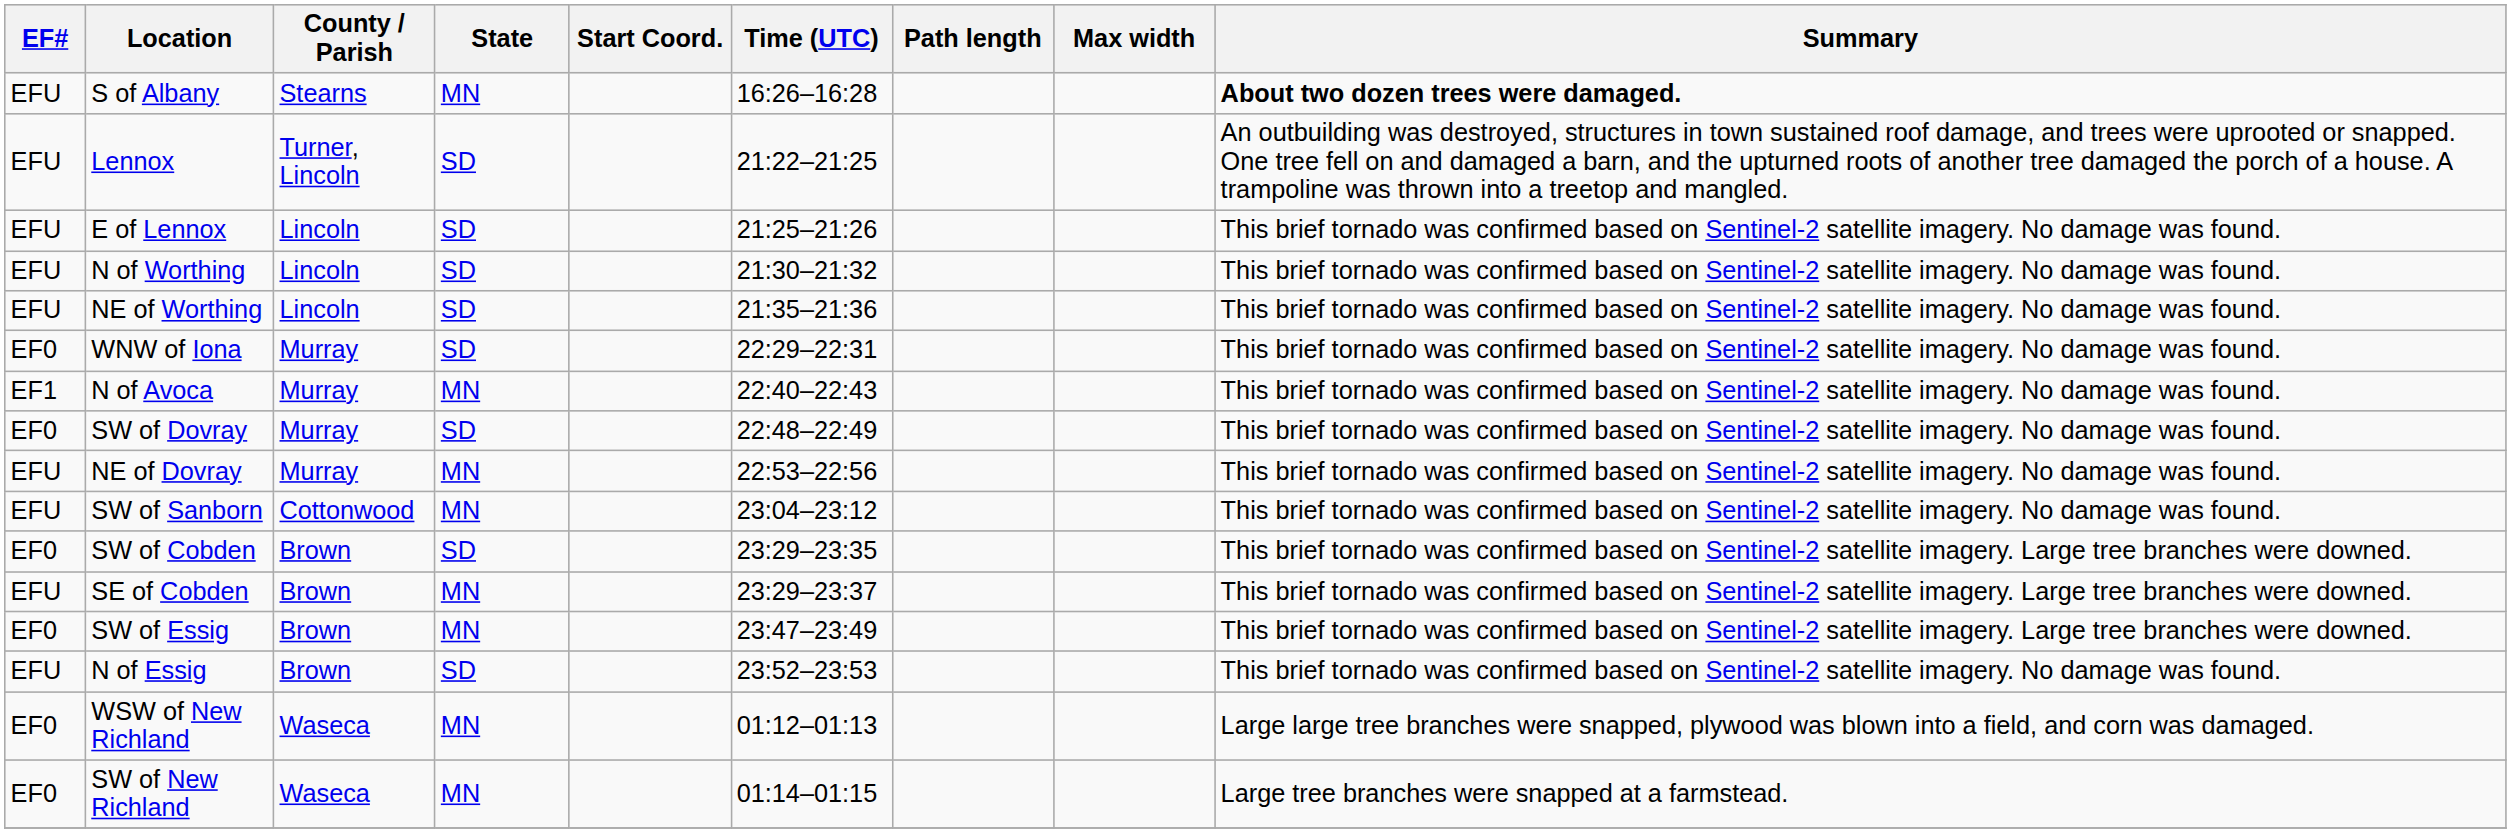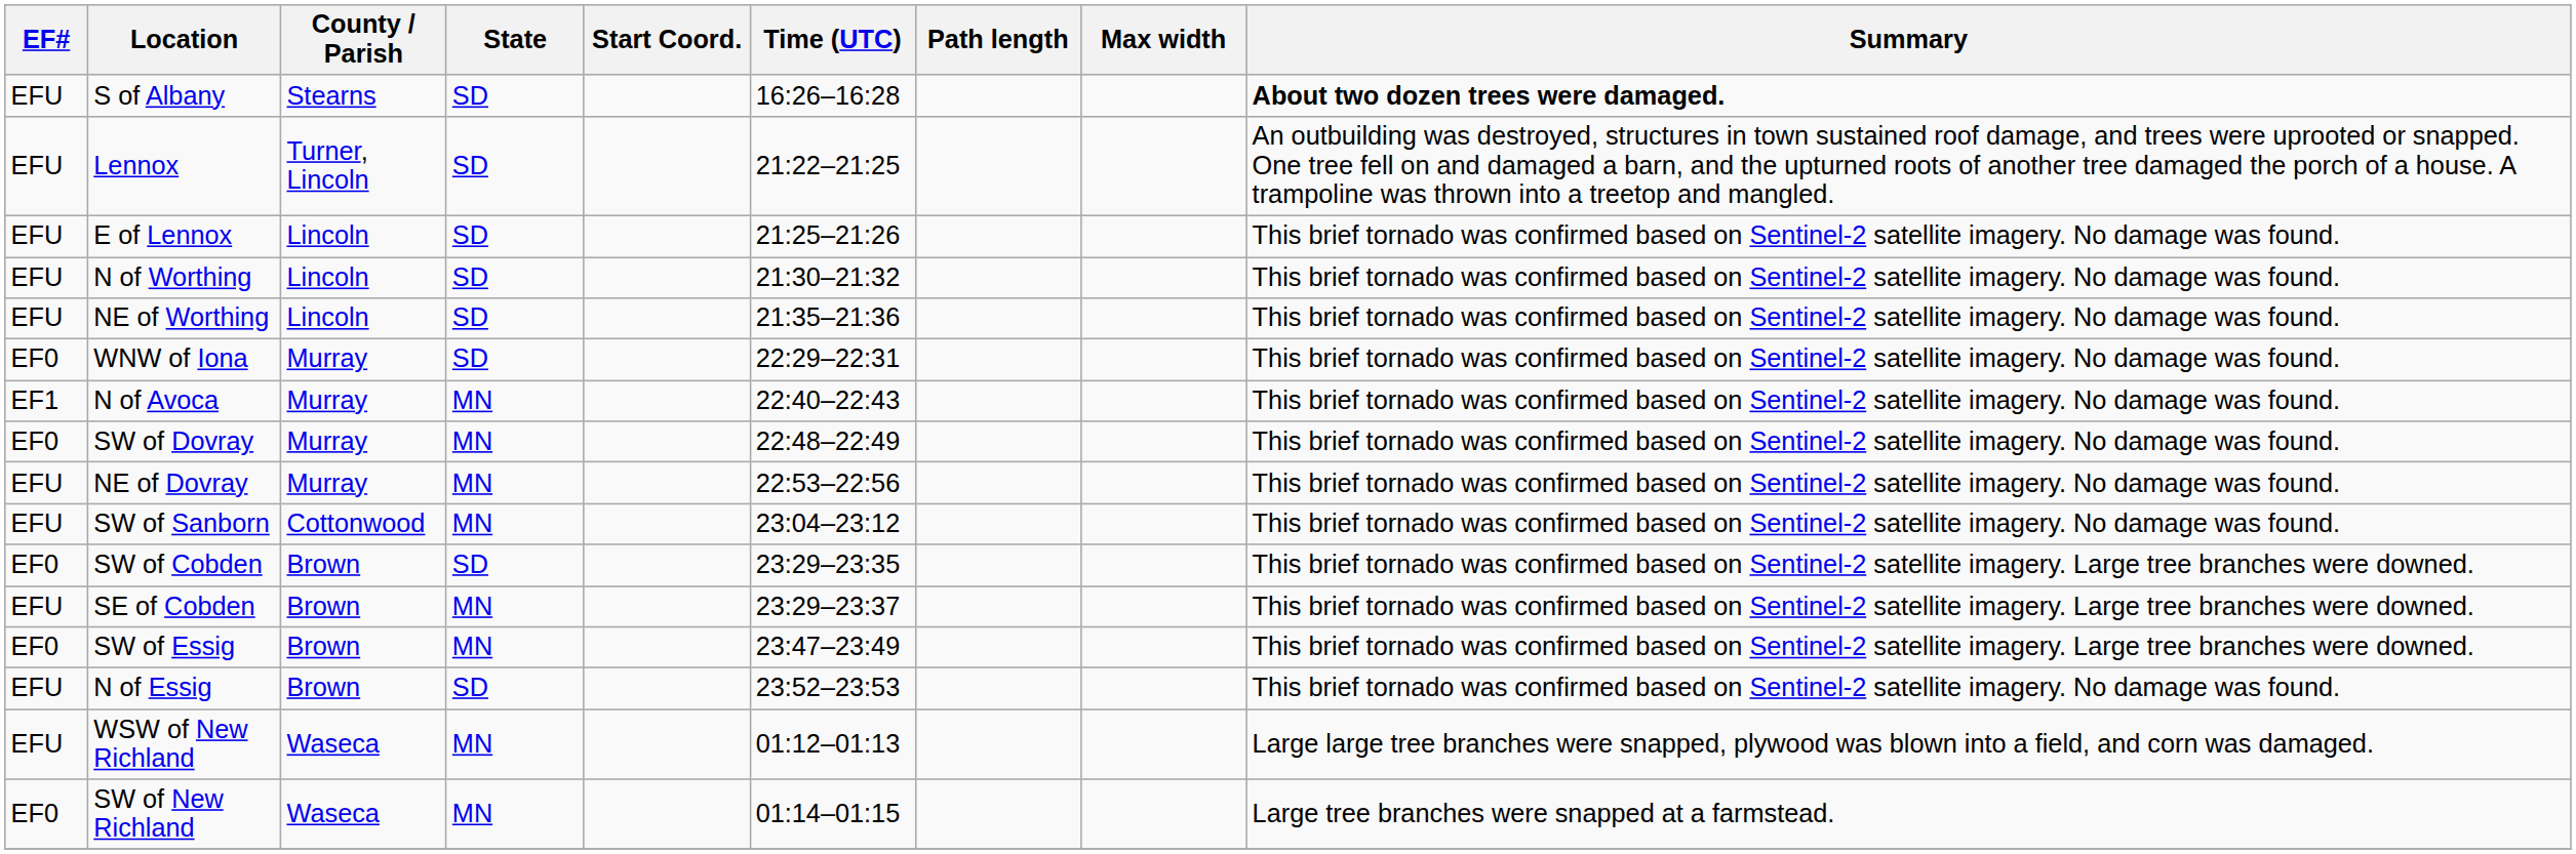 <table class="wikitable sortable" style="width:100%;">
 <tr>
 <th scope="col"  style="width:3%; text-align:center;"><a href='#'>EF#</a></th>
 <th scope="col"  style="width:7%; text-align:center;" class="unsortable">Location</th>
 <th scope="col"  style="width:6%; text-align:center;" class="unsortable">County / Parish</th>
 <th scope="col"  style="width:5%; text-align:center;">State</th>
 <th scope="col"  style="width:6%; text-align:center;">Start Coord.</th>
 <th scope="col"  style="width:6%; text-align:center;">Time (<a href='#'>UTC</a>)</th>
 <th scope="col"  style="width:6%; text-align:center;">Path length</th>
 <th scope="col"  style="width:6%; text-align:center;">Max width</th>
 <th scope="col" class="unsortable" style="width:48%; text-align:center;">Summary</th>
 </tr>
 <tr>
 <td>EFU</td>
 <td>S of <a href='#'>Albany</a></td>
 <td><a href='#'>Stearns</a></td>
-<td><a href='#'>MN</a></td>
+<td><a href='#'>SD</a></td>
 <td></td>
 <td>16:26–16:28</td>
 <td></td>
 <td></td>
 <td><strong>About two dozen trees were damaged.</strong></td>
 </tr>
 <tr>
 <td>EFU</td>
 <td><a href='#'>Lennox</a></td>
 <td><a href='#'>Turner</a>, <a href='#'>Lincoln</a></td>
 <td><a href='#'>SD</a></td>
 <td></td>
 <td>21:22–21:25</td>
 <td></td>
 <td></td>
 <td>An outbuilding was destroyed, structures in town sustained roof damage, and trees were uprooted or snapped. One tree fell on and damaged a barn, and the upturned roots of another tree damaged the porch of a house. A trampoline was thrown into a treetop and mangled.</td>
 </tr>
 <tr>
 <td>EFU</td>
 <td>E of <a href='#'>Lennox</a></td>
 <td><a href='#'>Lincoln</a></td>
 <td><a href='#'>SD</a></td>
 <td></td>
 <td>21:25–21:26</td>
 <td></td>
 <td></td>
 <td>This brief tornado was confirmed based on <a href='#'>Sentinel-2</a> satellite imagery. No damage was found.</td>
 </tr>
 <tr>
 <td>EFU</td>
 <td>N of <a href='#'>Worthing</a></td>
 <td><a href='#'>Lincoln</a></td>
 <td><a href='#'>SD</a></td>
 <td></td>
 <td>21:30–21:32</td>
 <td></td>
 <td></td>
 <td>This brief tornado was confirmed based on <a href='#'>Sentinel-2</a> satellite imagery. No damage was found.</td>
 </tr>
 <tr>
 <td>EFU</td>
 <td>NE of <a href='#'>Worthing</a></td>
 <td><a href='#'>Lincoln</a></td>
 <td><a href='#'>SD</a></td>
 <td></td>
 <td>21:35–21:36</td>
 <td></td>
 <td></td>
 <td>This brief tornado was confirmed based on <a href='#'>Sentinel-2</a> satellite imagery. No damage was found.</td>
 </tr>
 <tr>
 <td>EF0</td>
 <td>WNW of <a href='#'>Iona</a></td>
 <td><a href='#'>Murray</a></td>
 <td><a href='#'>SD</a></td>
 <td></td>
 <td>22:29–22:31</td>
 <td></td>
 <td></td>
 <td>This brief tornado was confirmed based on <a href='#'>Sentinel-2</a> satellite imagery. No damage was found.</td>
 </tr>
 <tr>
 <td>EF1</td>
 <td>N of <a href='#'>Avoca</a></td>
 <td><a href='#'>Murray</a></td>
 <td><a href='#'>MN</a></td>
 <td></td>
 <td>22:40–22:43</td>
 <td></td>
 <td></td>
 <td>This brief tornado was confirmed based on <a href='#'>Sentinel-2</a> satellite imagery. No damage was found.</td>
 </tr>
 <tr>
 <td>EF0</td>
 <td>SW of <a href='#'>Dovray</a></td>
 <td><a href='#'>Murray</a></td>
-<td><a href='#'>SD</a></td>
+<td><a href='#'>MN</a></td>
 <td></td>
 <td>22:48–22:49</td>
 <td></td>
 <td></td>
 <td>This brief tornado was confirmed based on <a href='#'>Sentinel-2</a> satellite imagery. No damage was found.</td>
 </tr>
 <tr>
 <td>EFU</td>
 <td>NE of <a href='#'>Dovray</a></td>
 <td><a href='#'>Murray</a></td>
 <td><a href='#'>MN</a></td>
 <td></td>
 <td>22:53–22:56</td>
 <td></td>
 <td></td>
 <td>This brief tornado was confirmed based on <a href='#'>Sentinel-2</a> satellite imagery. No damage was found.</td>
 </tr>
 <tr>
 <td>EFU</td>
 <td>SW of <a href='#'>Sanborn</a></td>
 <td><a href='#'>Cottonwood</a></td>
 <td><a href='#'>MN</a></td>
 <td></td>
 <td>23:04–23:12</td>
 <td></td>
 <td></td>
 <td>This brief tornado was confirmed based on <a href='#'>Sentinel-2</a> satellite imagery. No damage was found.</td>
 </tr>
 <tr>
 <td>EF0</td>
 <td>SW of <a href='#'>Cobden</a></td>
 <td><a href='#'>Brown</a></td>
 <td><a href='#'>SD</a></td>
 <td></td>
 <td>23:29–23:35</td>
 <td></td>
 <td></td>
 <td>This brief tornado was confirmed based on <a href='#'>Sentinel-2</a> satellite imagery. Large tree branches were downed.</td>
 </tr>
 <tr>
 <td>EFU</td>
 <td>SE of <a href='#'>Cobden</a></td>
 <td><a href='#'>Brown</a></td>
 <td><a href='#'>MN</a></td>
 <td></td>
 <td>23:29–23:37</td>
 <td></td>
 <td></td>
 <td>This brief tornado was confirmed based on <a href='#'>Sentinel-2</a> satellite imagery. Large tree branches were downed.</td>
 </tr>
 <tr>
 <td>EF0</td>
 <td>SW of <a href='#'>Essig</a></td>
 <td><a href='#'>Brown</a></td>
 <td><a href='#'>MN</a></td>
 <td></td>
 <td>23:47–23:49</td>
 <td></td>
 <td></td>
 <td>This brief tornado was confirmed based on <a href='#'>Sentinel-2</a> satellite imagery. Large tree branches were downed.</td>
 </tr>
 <tr>
 <td>EFU</td>
 <td>N of <a href='#'>Essig</a></td>
 <td><a href='#'>Brown</a></td>
 <td><a href='#'>SD</a></td>
 <td></td>
 <td>23:52–23:53</td>
 <td></td>
 <td></td>
 <td>This brief tornado was confirmed based on <a href='#'>Sentinel-2</a> satellite imagery. No damage was found.</td>
 </tr>
 <tr>
-<td>EF0</td>
+<td>EFU</td>
 <td>WSW of <a href='#'>New Richland</a></td>
 <td><a href='#'>Waseca</a></td>
 <td><a href='#'>MN</a></td>
 <td></td>
 <td>01:12–01:13</td>
 <td></td>
 <td></td>
 <td>Large large tree branches were snapped, plywood was blown into a field, and corn was damaged.</td>
 </tr>
 <tr>
 <td>EF0</td>
 <td>SW of <a href='#'>New Richland</a></td>
 <td><a href='#'>Waseca</a></td>
 <td><a href='#'>MN</a></td>
 <td></td>
 <td>01:14–01:15</td>
 <td></td>
 <td></td>
 <td>Large tree branches were snapped at a farmstead.</td>
 </tr>
 <tr>
 </tr>
 </table>
